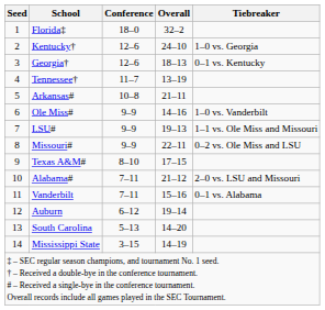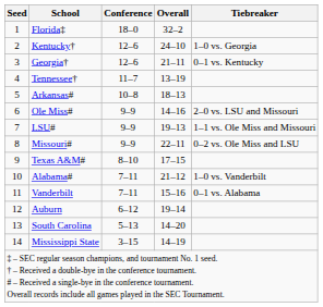 <table class="wikitable" style="white-space:nowrap; font-size:95%; text-align:center">
 <tr>
 <th>Seed</th>
 <th>School</th>
 <th>Conference</th>
 <th>Overall</th>
 <th>Tiebreaker</th>
 </tr>
 <tr>
 <td>1</td>
 <td align=left><a href='#'>Florida</a>‡</td>
 <td>18–0</td>
 <td>32–2</td>
 <td></td>
 </tr>
 <tr>
 <td>2</td>
 <td align=left><a href='#'>Kentucky</a>†</td>
 <td>12–6</td>
 <td>24–10</td>
 <td align=left>1–0 vs. Georgia</td>
 </tr>
 <tr>
 <td>3</td>
 <td align=left><a href='#'>Georgia</a>†</td>
 <td>12–6</td>
-<td>18–13</td>
+<td>21–11</td>
 <td align=left>0–1 vs. Kentucky</td>
 </tr>
 <tr>
 <td>4</td>
 <td align=left><a href='#'>Tennessee</a>†</td>
 <td>11–7</td>
 <td>13–19</td>
 <td></td>
 </tr>
 <tr>
 <td>5</td>
 <td align=left><a href='#'>Arkansas</a>#</td>
 <td>10–8</td>
-<td>21–11</td>
+<td>18–13</td>
 <td></td>
 </tr>
 <tr>
 <td>6</td>
 <td align=left><a href='#'>Ole Miss</a>#</td>
 <td>9–9</td>
 <td>14–16</td>
-<td align=left>1–0 vs. Vanderbilt</td>
+<td align=left>2–0 vs. LSU and Missouri</td>
 </tr>
 <tr>
 <td>7</td>
 <td align=left><a href='#'>LSU</a>#</td>
 <td>9–9</td>
 <td>19–13</td>
 <td align=left>1–1 vs. Ole Miss and Missouri</td>
 </tr>
 <tr>
 <td>8</td>
 <td align=left><a href='#'>Missouri</a>#</td>
 <td>9–9</td>
 <td>22–11</td>
 <td align=left>0–2 vs. Ole Miss and LSU</td>
 </tr>
 <tr>
 <td>9</td>
 <td align=left><a href='#'>Texas A&M</a>#</td>
 <td>8–10</td>
 <td>17–15</td>
 <td></td>
 </tr>
 <tr>
 <td>10</td>
 <td align=left><a href='#'>Alabama</a>#</td>
 <td>7–11</td>
 <td>21–12</td>
-<td align=left>2–0 vs. LSU and Missouri</td>
+<td align=left>1–0 vs. Vanderbilt</td>
 </tr>
 <tr>
 <td>11</td>
 <td align=left><a href='#'>Vanderbilt</a></td>
 <td>7–11</td>
 <td>15–16</td>
 <td align=left>0–1 vs. Alabama</td>
 </tr>
 <tr>
 <td>12</td>
 <td align=left><a href='#'>Auburn</a></td>
 <td>6–12</td>
 <td>19–14</td>
 <td></td>
 </tr>
 <tr>
 <td>13</td>
 <td align=left><a href='#'>South Carolina</a></td>
 <td>5–13</td>
 <td>14–20</td>
 <td></td>
 </tr>
 <tr>
 <td>14</td>
 <td align=left><a href='#'>Mississippi State</a></td>
 <td>3–15</td>
 <td>14–19</td>
 <td></td>
 </tr>
 <tr>
 <td colspan=6 align=left><small>‡ – SEC regular season champions, and tournament No. 1 seed.<br>† – Received a double-bye in the conference tournament.<br># – Received a single-bye in the conference tournament.<br>Overall records include all games played in the SEC Tournament.</small></td>
 </tr>
 </table>
